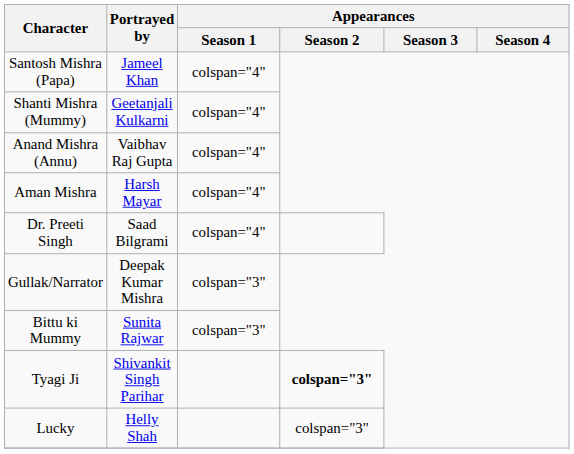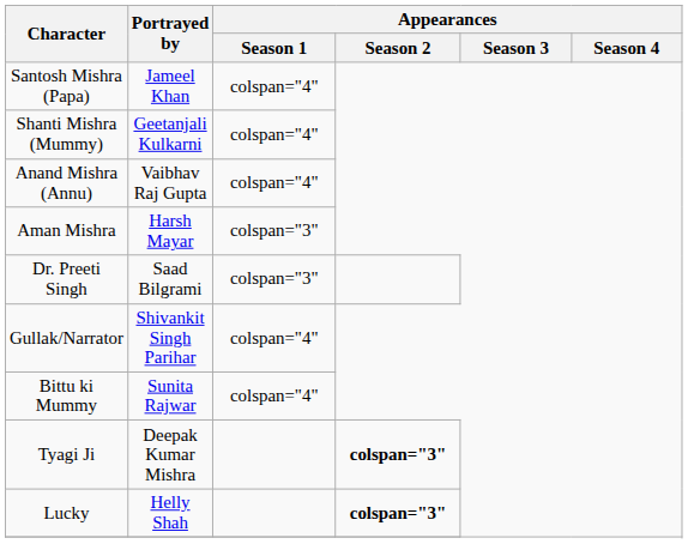 <table class="wikitable" style="text-align:center; width:auto">
 <tr>
 <th scope="col" rowspan="2">Character</th>
 <th scope="col" rowspan="2">Portrayed by</th>
 <th scope="col" colspan="4">Appearances</th>
 </tr>
 <tr>
 <th scope="col" style="width:20%;">Season 1</th>
 <th scope="col" style="width:20%;">Season 2</th>
 <th scope="col" style="width:20%;">Season 3</th>
 <th scope="col" style="width:20%;">Season 4</th>
 </tr>
 <tr>
 <td>Santosh Mishra (Papa)</td>
 <td><a href='#'>Jameel Khan</a></td>
 <td>colspan="4" </td>
 </tr>
 <tr>
 <td>Shanti Mishra (Mummy)</td>
 <td><a href='#'>Geetanjali Kulkarni</a></td>
 <td>colspan="4" </td>
 </tr>
 <tr>
 <td>Anand Mishra (Annu)</td>
 <td>Vaibhav Raj Gupta</td>
 <td>colspan="4" </td>
 </tr>
 <tr>
 <td>Aman Mishra</td>
 <td><a href='#'>Harsh Mayar</a></td>
-<td>colspan="4" </td>
+<td>colspan="3" </td>
 </tr>
 <tr>
 <td>Dr. Preeti Singh</td>
 <td>Saad Bilgrami</td>
-<td>colspan="4" </td>
+<td>colspan="3" </td>
 <td></td>
 </tr>
 <tr>
 <td>Gullak/Narrator</td>
-<td>Deepak Kumar Mishra</td>
-<td>colspan="3" </td>
+<td><a href='#'>Shivankit Singh Parihar</a></td>
+<td>colspan="4" </td>
 </tr>
 <tr>
 <td>Bittu ki Mummy</td>
 <td><a href='#'>Sunita Rajwar</a></td>
-<td>colspan="3" </td>
+<td>colspan="4" </td>
 </tr>
 <tr>
 <td>Tyagi Ji</td>
-<td><a href='#'>Shivankit Singh Parihar</a></td>
+<td>Deepak Kumar Mishra</td>
 <td></td>
 <td><strong>colspan="3" </strong></td>
 </tr>
 <tr>
 <td>Lucky</td>
 <td><a href='#'>Helly Shah</a></td>
 <td></td>
-<td>colspan="3" </td>
+<td><strong>colspan="3" </strong></td>
 </tr>
 <tr>
 </tr>
 </table>
